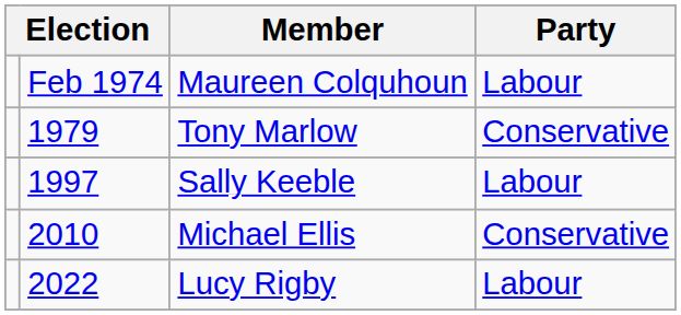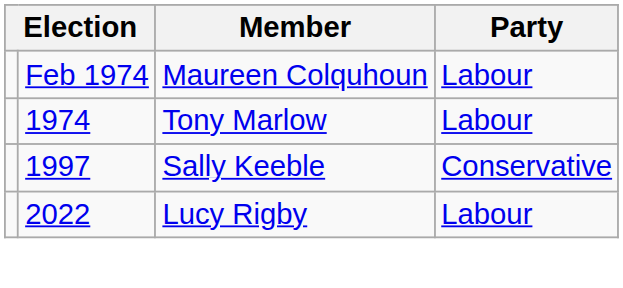 <table class="wikitable">
 <tr>
 <th colspan="2">Election</th>
 <th>Member</th>
 <th>Party</th>
 </tr>
 <tr>
 <td style="color:inherit;background-color: "></td>
 <td><a href='#'>Feb 1974</a></td>
 <td><a href='#'>Maureen Colquhoun</a></td>
 <td><a href='#'>Labour</a></td>
 </tr>
 <tr>
 <td style="color:inherit;background-color: "></td>
-<td><a href='#'>1979</a></td>
+<td><a href='#'>1974</a></td>
 <td><a href='#'>Tony Marlow</a></td>
-<td><a href='#'>Conservative</a></td>
+<td><a href='#'>Labour</a></td>
 </tr>
 <tr>
 <td style="color:inherit;background-color: "></td>
 <td><a href='#'>1997</a></td>
 <td><a href='#'>Sally Keeble</a></td>
-<td><a href='#'>Labour</a></td>
-</tr>
-<tr>
-<td style="color:inherit;background-color: "></td>
-<td><a href='#'>2010</a></td>
-<td><a href='#'>Michael Ellis</a></td>
 <td><a href='#'>Conservative</a></td>
 </tr>
 <tr>
 <td style="color:inherit;background-color: "></td>
 <td><a href='#'>2022</a></td>
 <td><a href='#'>Lucy Rigby</a></td>
 <td><a href='#'>Labour</a></td>
 </tr>
 </table>
